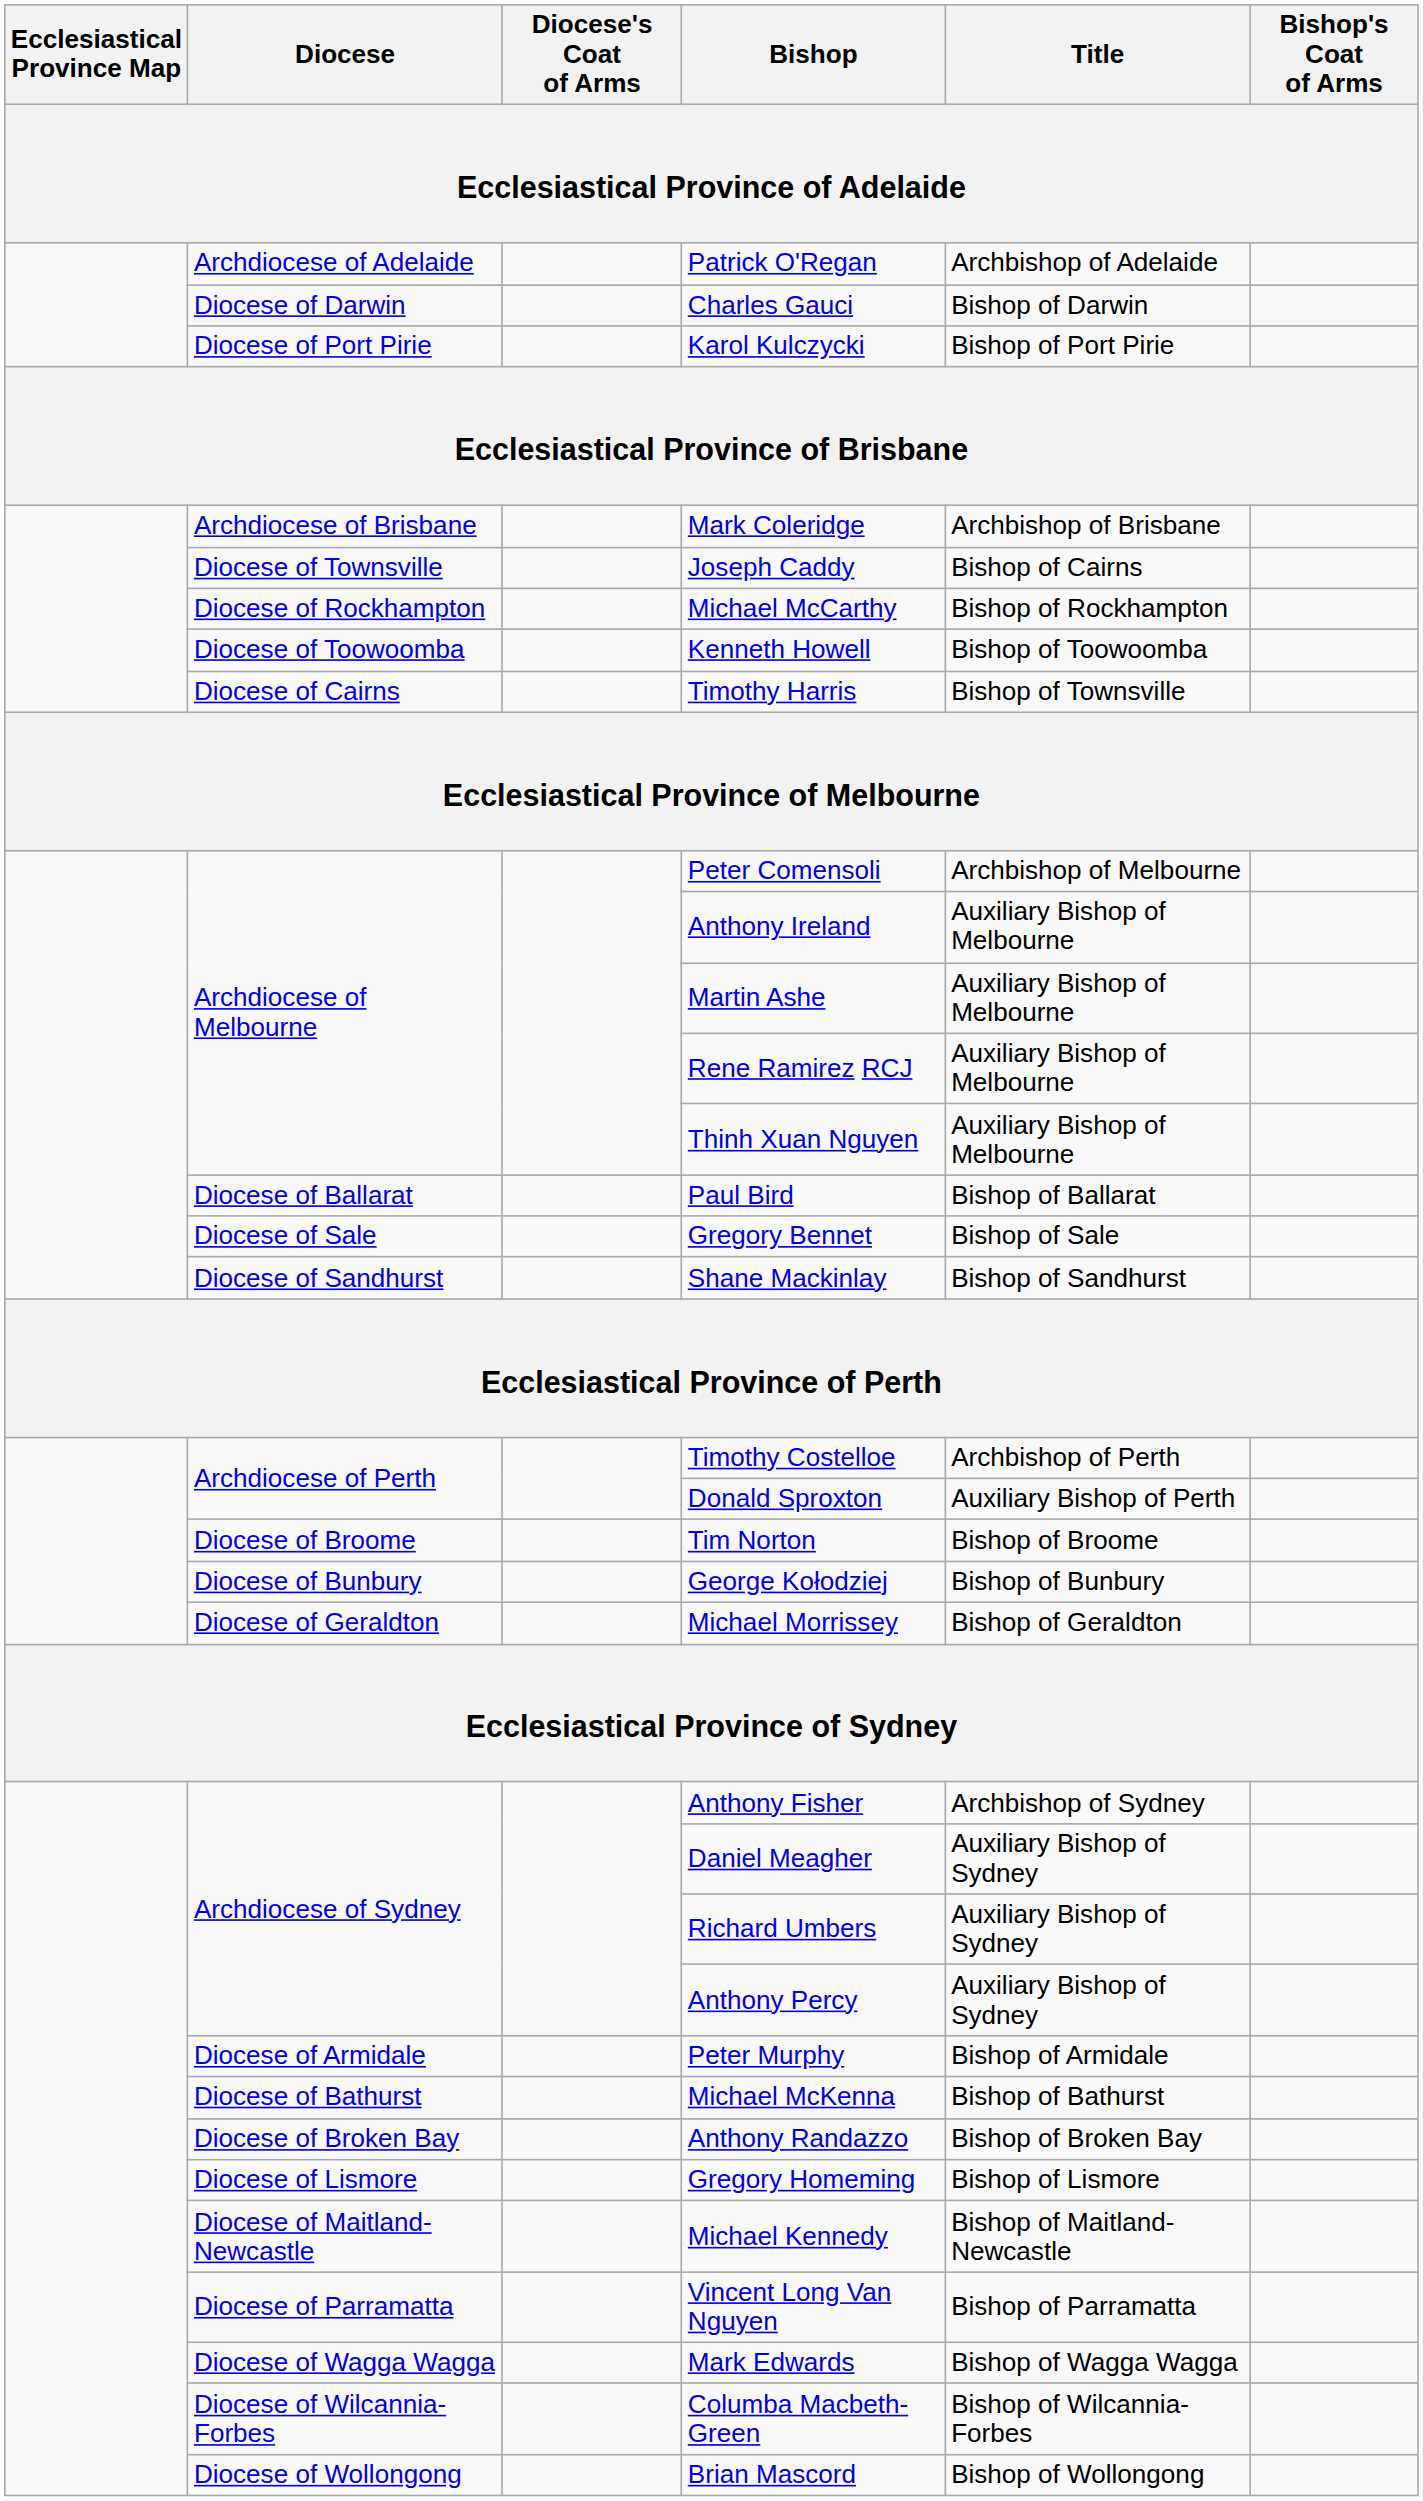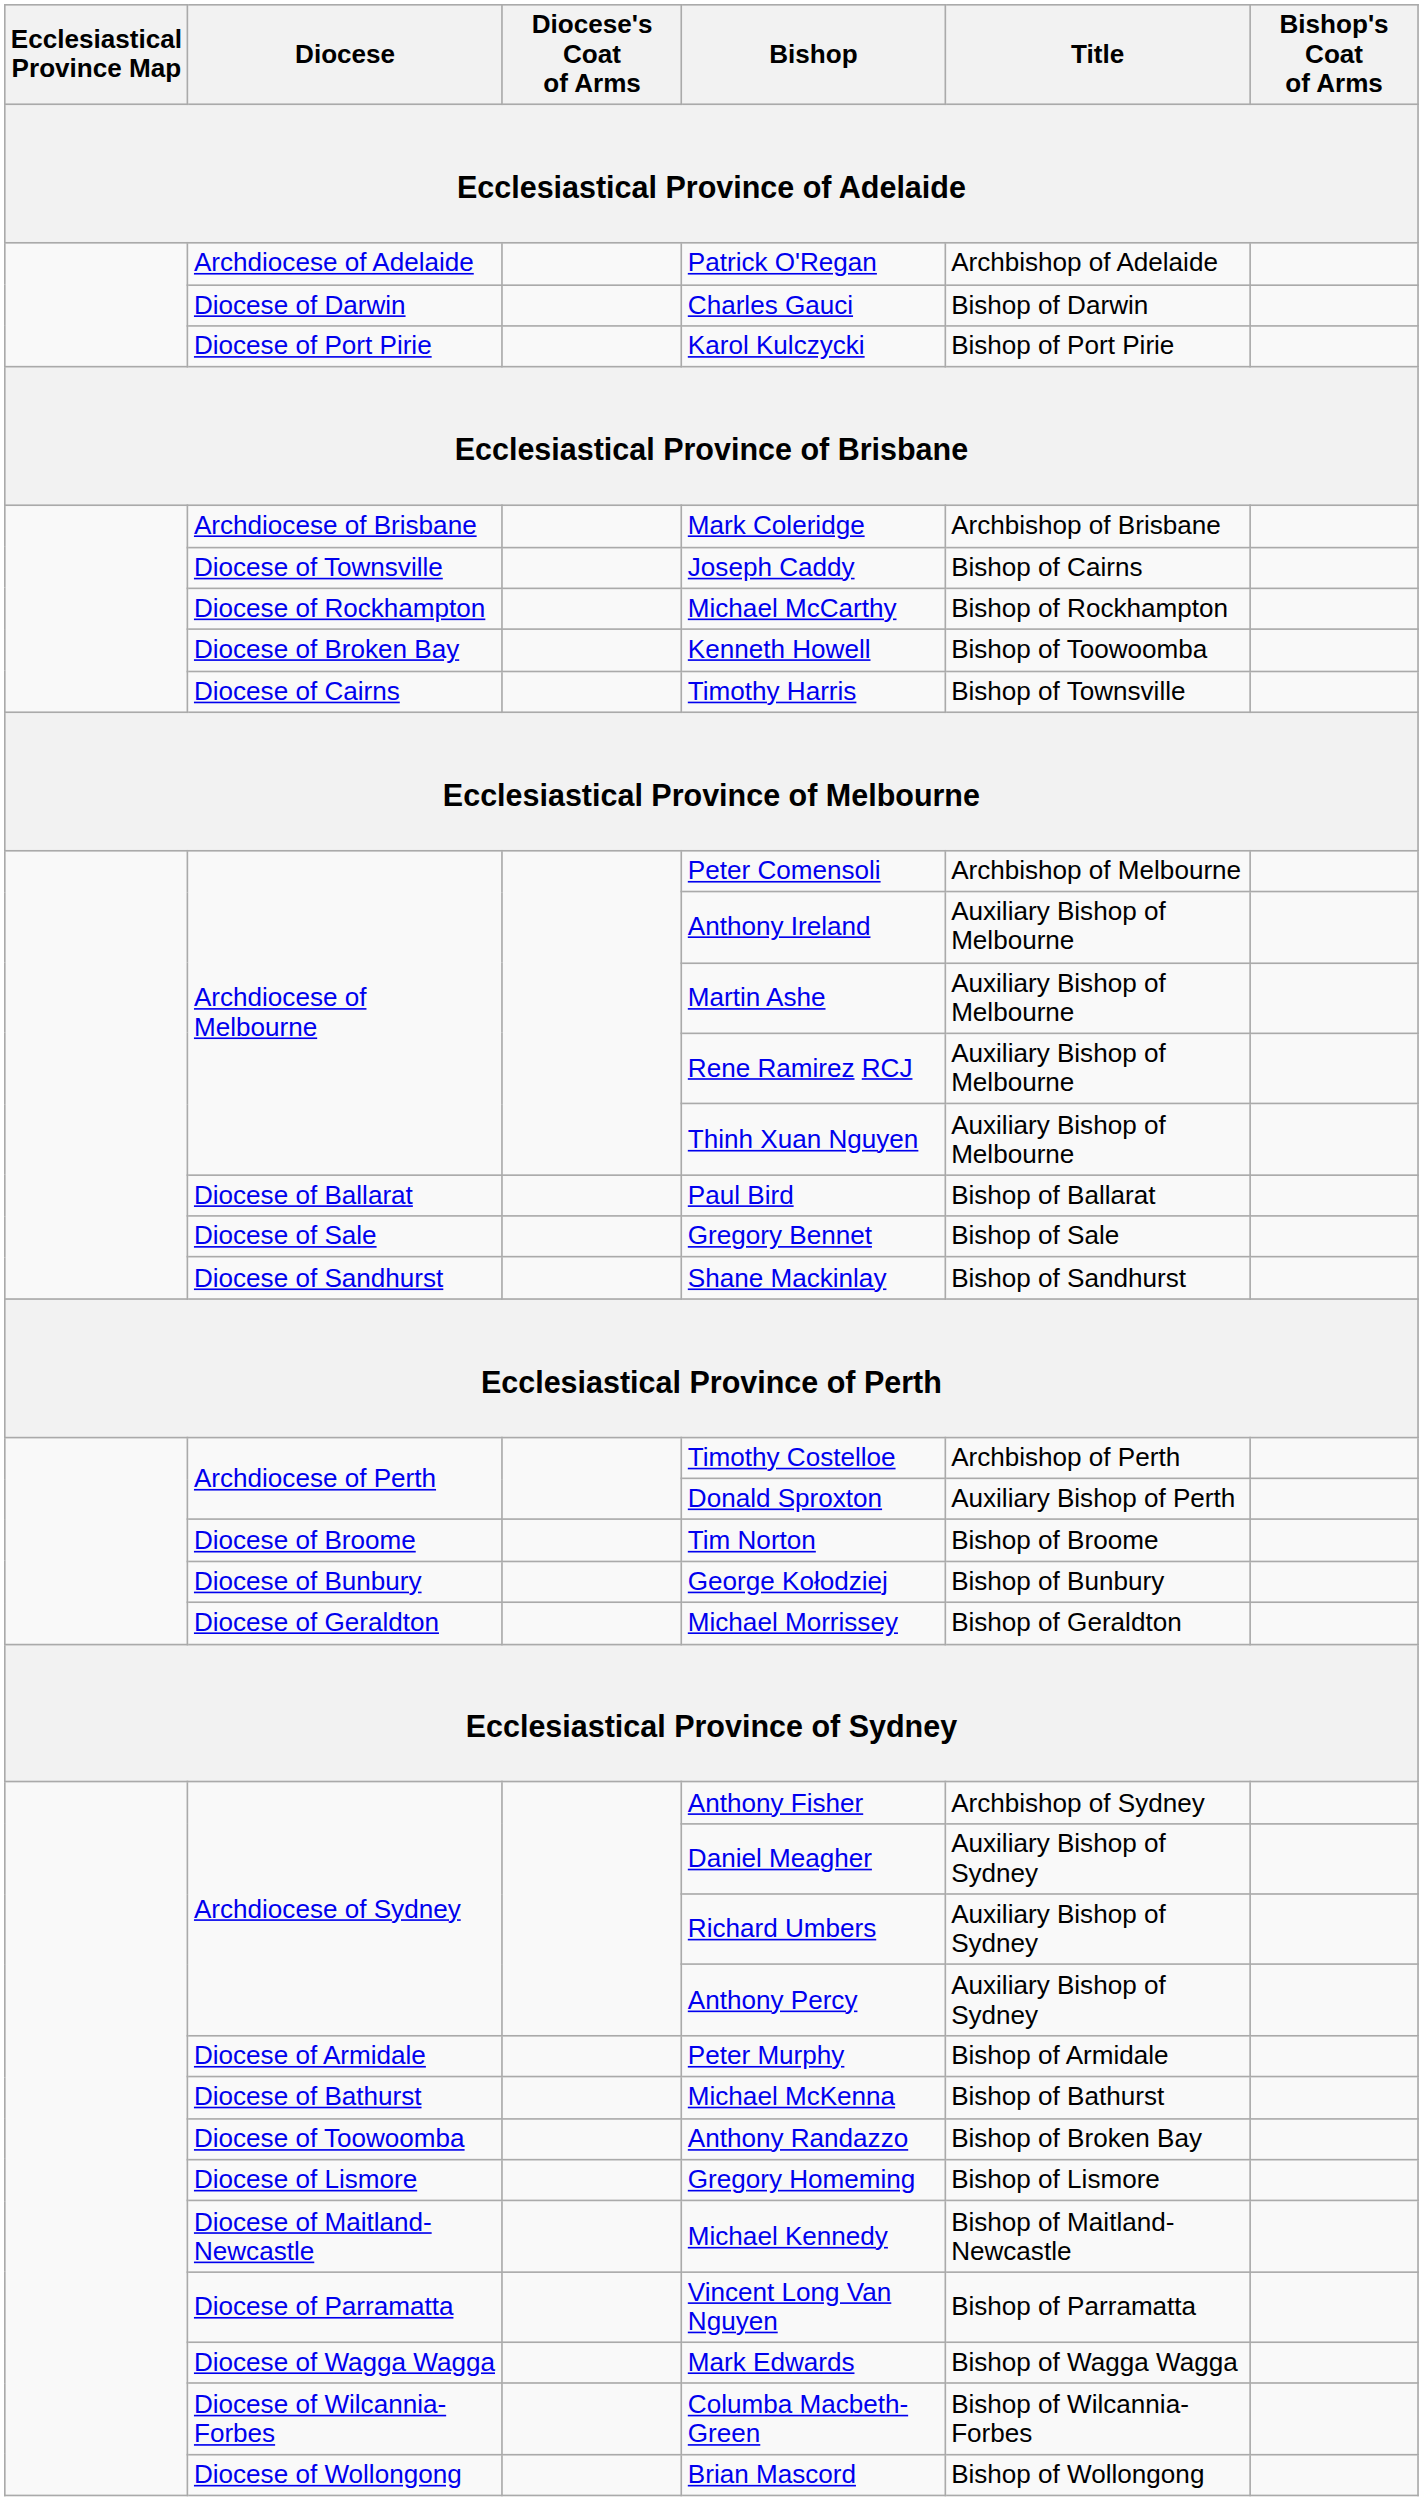 <table class="wikitable sortable">
 <tr>
 <th class="unsortable">Ecclesiastical<br>Province Map</th>
 <th>Diocese</th>
 <th class="unsortable">Diocese's Coat<br>of Arms</th>
 <th>Bishop</th>
 <th>Title</th>
 <th class="unsortable">Bishop's Coat<br>of Arms</th>
 </tr>
 <tr>
 <th colspan="6"><br><h3>Ecclesiastical Province of Adelaide</h3></th>
 </tr>
 <tr>
 <td rowspan="3"></td>
 <td><a href='#'>Archdiocese of Adelaide</a></td>
 <td rowspan="1"></td>
 <td><a href='#'>Patrick O'Regan</a></td>
 <td>Archbishop of Adelaide</td>
 <td></td>
 </tr>
 <tr>
 <td><a href='#'>Diocese of Darwin</a></td>
 <td></td>
 <td><a href='#'>Charles Gauci</a></td>
 <td>Bishop of Darwin</td>
 <td></td>
 </tr>
 <tr>
 <td><a href='#'>Diocese of Port Pirie</a></td>
 <td></td>
 <td><a href='#'>Karol Kulczycki</a></td>
 <td>Bishop of Port Pirie</td>
 <td></td>
 </tr>
 <tr>
 <th colspan="6"><br><h3>Ecclesiastical Province of Brisbane</h3></th>
 </tr>
 <tr>
 <td rowspan="5"></td>
 <td rowspan="1"><a href='#'>Archdiocese of Brisbane</a></td>
 <td rowspan="1"></td>
 <td><a href='#'>Mark Coleridge</a></td>
 <td>Archbishop of Brisbane</td>
 <td></td>
 </tr>
 <tr>
 <td><a href='#'>Diocese of Townsville</a></td>
 <td></td>
 <td><a href='#'>Joseph Caddy</a></td>
 <td>Bishop of Cairns</td>
 <td></td>
 </tr>
 <tr>
 <td><a href='#'>Diocese of Rockhampton</a></td>
 <td></td>
 <td><a href='#'>Michael McCarthy</a></td>
 <td>Bishop of Rockhampton</td>
 <td></td>
 </tr>
 <tr>
-<td><a href='#'>Diocese of Toowoomba</a></td>
+<td><a href='#'>Diocese of Broken Bay</a></td>
 <td></td>
 <td><a href='#'>Kenneth Howell</a></td>
 <td>Bishop of Toowoomba</td>
 <td></td>
 </tr>
 <tr>
 <td><a href='#'>Diocese of Cairns</a></td>
 <td></td>
 <td><a href='#'>Timothy Harris</a></td>
 <td>Bishop of Townsville</td>
 <td></td>
 </tr>
 <tr>
 <th colspan="6"><br><h3>Ecclesiastical Province of Melbourne</h3></th>
 </tr>
 <tr>
 <td rowspan="8"></td>
 <td rowspan="5"><a href='#'>Archdiocese of Melbourne</a></td>
 <td rowspan="5"></td>
 <td><a href='#'>Peter Comensoli</a></td>
 <td>Archbishop of Melbourne</td>
 <td></td>
 </tr>
 <tr>
 <td><a href='#'>Anthony Ireland</a></td>
 <td>Auxiliary Bishop of Melbourne</td>
 <td></td>
 </tr>
 <tr>
 <td><a href='#'>Martin Ashe</a></td>
 <td>Auxiliary Bishop of Melbourne</td>
 <td></td>
 </tr>
 <tr>
 <td><a href='#'>Rene Ramirez</a> <a href='#'>RCJ</a></td>
 <td>Auxiliary Bishop of Melbourne</td>
 <td></td>
 </tr>
 <tr>
 <td><a href='#'>Thinh Xuan Nguyen</a></td>
 <td>Auxiliary Bishop of Melbourne</td>
 <td></td>
 </tr>
 <tr>
 <td><a href='#'>Diocese of Ballarat</a></td>
 <td></td>
 <td><a href='#'>Paul Bird</a></td>
 <td>Bishop of Ballarat</td>
 <td></td>
 </tr>
 <tr>
 <td><a href='#'>Diocese of Sale</a></td>
 <td></td>
 <td><a href='#'>Gregory Bennet</a></td>
 <td>Bishop of Sale</td>
 <td></td>
 </tr>
 <tr>
 <td><a href='#'>Diocese of Sandhurst</a></td>
 <td></td>
 <td><a href='#'>Shane Mackinlay</a></td>
 <td>Bishop of Sandhurst</td>
 <td></td>
 </tr>
 <tr>
 <th colspan="6"><br><h3>Ecclesiastical Province of Perth</h3></th>
 </tr>
 <tr>
 <td rowspan="5"></td>
 <td rowspan="2"><a href='#'>Archdiocese of Perth</a></td>
 <td rowspan="2"></td>
 <td><a href='#'>Timothy Costelloe</a></td>
 <td>Archbishop of Perth</td>
 <td></td>
 </tr>
 <tr>
 <td><a href='#'>Donald Sproxton</a></td>
 <td>Auxiliary Bishop of Perth</td>
 <td></td>
 </tr>
 <tr>
 <td><a href='#'>Diocese of Broome</a></td>
 <td></td>
 <td><a href='#'>Tim Norton</a></td>
 <td>Bishop of Broome</td>
 <td></td>
 </tr>
 <tr>
 <td><a href='#'>Diocese of Bunbury</a></td>
 <td></td>
 <td><a href='#'>George Kołodziej</a></td>
 <td>Bishop of Bunbury</td>
 <td></td>
 </tr>
 <tr>
 <td><a href='#'>Diocese of Geraldton</a></td>
 <td></td>
 <td><a href='#'>Michael Morrissey</a></td>
 <td>Bishop of Geraldton</td>
 <td></td>
 </tr>
 <tr>
 <th colspan="6"><br><h3>Ecclesiastical Province of Sydney</h3></th>
 </tr>
 <tr>
 <td rowspan="13"></td>
 <td rowspan="4"><a href='#'>Archdiocese of Sydney</a></td>
 <td rowspan="4"></td>
 <td><a href='#'>Anthony Fisher</a></td>
 <td>Archbishop of Sydney</td>
 <td></td>
 </tr>
 <tr>
 <td><a href='#'>Daniel Meagher</a></td>
 <td>Auxiliary Bishop of Sydney</td>
 <td></td>
 </tr>
 <tr>
 <td><a href='#'>Richard Umbers</a></td>
 <td>Auxiliary Bishop of Sydney</td>
 <td></td>
 </tr>
 <tr>
 <td><a href='#'>Anthony Percy</a></td>
 <td>Auxiliary Bishop of Sydney</td>
 <td></td>
 </tr>
 <tr>
 <td><a href='#'>Diocese of Armidale</a></td>
 <td></td>
 <td><a href='#'>Peter Murphy</a></td>
 <td>Bishop of Armidale</td>
 <td></td>
 </tr>
 <tr>
 <td><a href='#'>Diocese of Bathurst</a></td>
 <td></td>
 <td><a href='#'>Michael McKenna</a></td>
 <td>Bishop of Bathurst</td>
 <td></td>
 </tr>
 <tr>
-<td><a href='#'>Diocese of Broken Bay</a></td>
+<td><a href='#'>Diocese of Toowoomba</a></td>
 <td></td>
 <td><a href='#'>Anthony Randazzo</a></td>
 <td>Bishop of Broken Bay</td>
 <td></td>
 </tr>
 <tr>
 <td><a href='#'>Diocese of Lismore</a></td>
 <td></td>
 <td><a href='#'>Gregory Homeming</a></td>
 <td>Bishop of Lismore</td>
 <td></td>
 </tr>
 <tr>
 <td><a href='#'>Diocese of Maitland-Newcastle</a></td>
 <td></td>
 <td><a href='#'>Michael Kennedy</a></td>
 <td>Bishop of Maitland-Newcastle</td>
 <td></td>
 </tr>
 <tr>
 <td><a href='#'>Diocese of Parramatta</a></td>
 <td></td>
 <td><a href='#'>Vincent Long Van Nguyen</a></td>
 <td>Bishop of Parramatta</td>
 <td></td>
 </tr>
 <tr>
 <td><a href='#'>Diocese of Wagga Wagga</a></td>
 <td></td>
 <td><a href='#'>Mark Edwards</a></td>
 <td>Bishop of Wagga Wagga</td>
 <td></td>
 </tr>
 <tr>
 <td><a href='#'>Diocese of Wilcannia-Forbes</a></td>
 <td></td>
 <td><a href='#'>Columba Macbeth-Green</a></td>
 <td>Bishop of Wilcannia-Forbes</td>
 <td></td>
 </tr>
 <tr>
 <td><a href='#'>Diocese of Wollongong</a></td>
 <td></td>
 <td><a href='#'>Brian Mascord</a></td>
 <td>Bishop of Wollongong</td>
 <td></td>
 </tr>
 </table>
